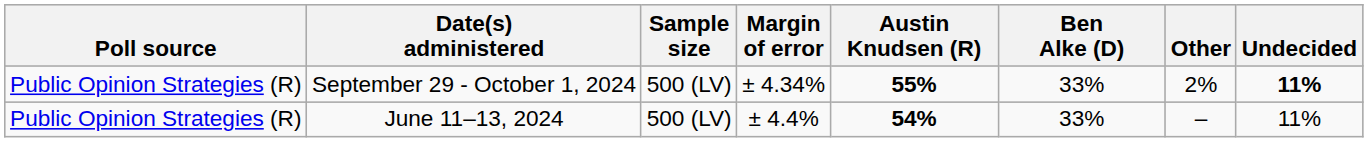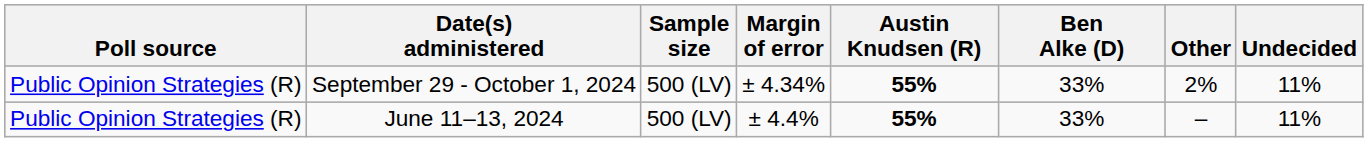 <table class="wikitable" style="font-size:90%;text-align:center;">
 <tr valign=bottom>
 <th>Poll source</th>
 <th>Date(s)<br>administered</th>
 <th>Sample<br>size</th>
 <th>Margin<br>of error</th>
 <th style="width:100px;">Austin<br>Knudsen (R)</th>
 <th style="width:100px;">Ben<br>Alke (D)</th>
 <th>Other</th>
 <th>Undecided</th>
 </tr>
 <tr>
 <td style="text-align:left"><a href='#'>Public Opinion Strategies</a> (R)</td>
 <td>September 29 - October 1, 2024</td>
 <td>500 (LV)</td>
 <td>± 4.34%</td>
 <td><strong>55%</strong></td>
 <td>33%</td>
 <td>2%</td>
-<td><strong>11%</strong></td>
+<td>11%</td>
 </tr>
 <tr>
 <td style="text-align:left;"><a href='#'>Public Opinion Strategies</a> (R)</td>
 <td>June 11–13, 2024</td>
 <td>500 (LV)</td>
 <td>± 4.4%</td>
-<td><strong>54%</strong></td>
+<td><strong>55%</strong></td>
 <td>33%</td>
 <td>–</td>
 <td>11%</td>
 </tr>
 </table>
